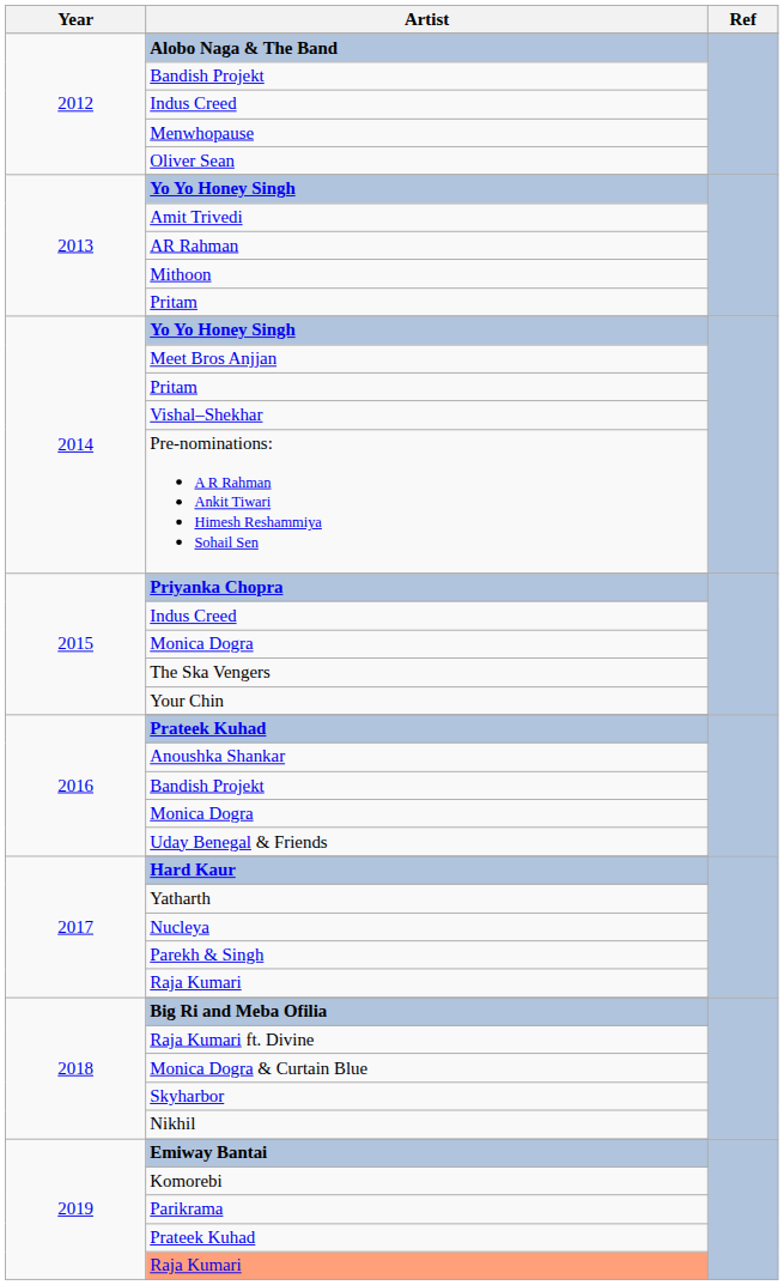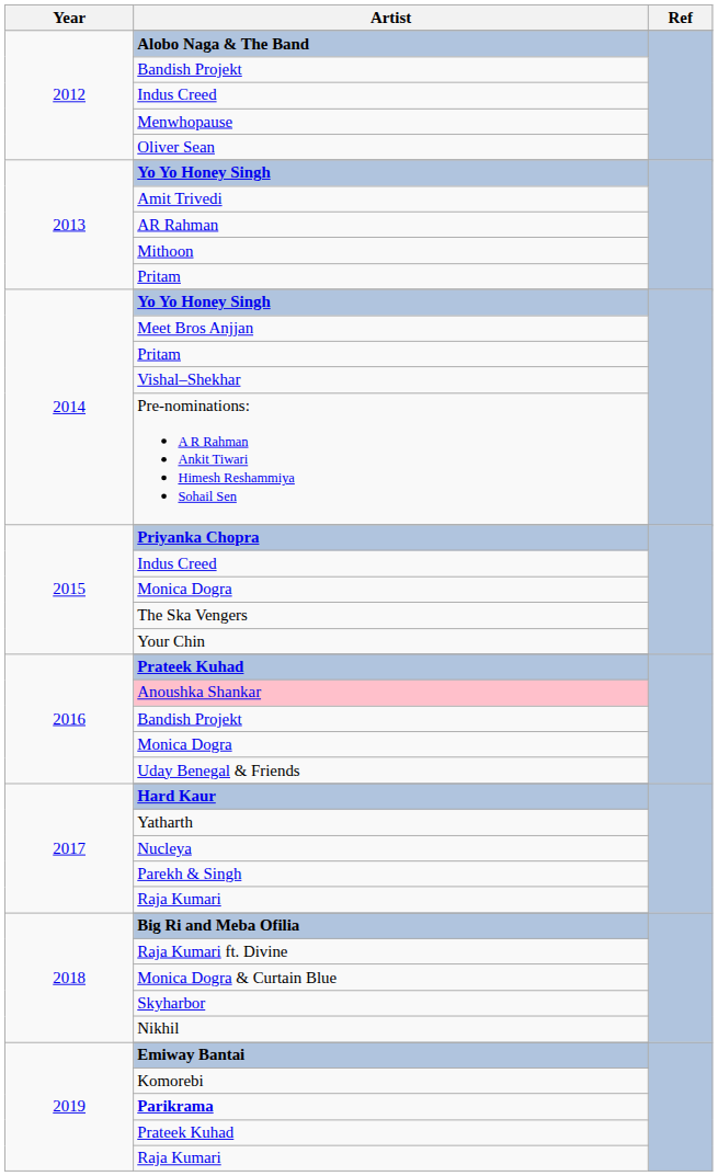 <table class="wikitable" style="width:55%;">
 <tr style="background:#bebebe;">
 <th style="width:10%;">Year</th>
 <th style="width:40%;">Artist</th>
 <th style="width:5%;">Ref</th>
 </tr>
 <tr>
 <td rowspan="6" align="center"><a href='#'>2012</a></td>
 </tr>
 <tr style="background:#B0C4DE">
 <td><strong>Alobo Naga & The Band</strong></td>
 <td rowspan="6" align="center"></td>
 </tr>
 <tr>
 <td><a href='#'>Bandish Projekt</a></td>
 </tr>
 <tr>
 <td><a href='#'>Indus Creed</a></td>
 </tr>
 <tr>
 <td><a href='#'>Menwhopause</a></td>
 </tr>
 <tr>
 <td><a href='#'>Oliver Sean</a></td>
 </tr>
 <tr>
 <td rowspan="6" align="center"><a href='#'>2013</a></td>
 </tr>
 <tr style="background:#B0C4DE">
 <td><strong><a href='#'>Yo Yo Honey Singh</a></strong></td>
 <td rowspan="6" align="center"></td>
 </tr>
 <tr>
 <td><a href='#'>Amit Trivedi</a></td>
 </tr>
 <tr>
 <td><a href='#'>AR Rahman</a></td>
 </tr>
 <tr>
 <td><a href='#'>Mithoon</a></td>
 </tr>
 <tr>
 <td><a href='#'>Pritam</a></td>
 </tr>
 <tr>
 <td rowspan="6" align="center"><a href='#'>2014</a></td>
 </tr>
 <tr style="background:#B0C4DE">
 <td><strong><a href='#'>Yo Yo Honey Singh</a></strong></td>
 <td rowspan="6" align="center"></td>
 </tr>
 <tr>
 <td><a href='#'>Meet Bros Anjjan</a></td>
 </tr>
 <tr>
 <td><a href='#'>Pritam</a></td>
 </tr>
 <tr>
 <td><a href='#'>Vishal–Shekhar</a></td>
 </tr>
 <tr>
 <td>Pre-nominations:<br><ul><li><small><a href='#'>A R Rahman</a></small></li><li><small><a href='#'>Ankit Tiwari</a></small></li><li><small><a href='#'>Himesh Reshammiya</a></small></li><li><small><a href='#'>Sohail Sen</a></small></li></ul></td>
 </tr>
 <tr>
 <td rowspan="6" align="center"><a href='#'>2015</a></td>
 </tr>
 <tr style="background:#B0C4DE">
 <td><strong><a href='#'>Priyanka Chopra</a></strong></td>
 <td rowspan="6" align="center"></td>
 </tr>
 <tr>
 <td><a href='#'>Indus Creed</a></td>
 </tr>
 <tr>
 <td><a href='#'>Monica Dogra</a></td>
 </tr>
 <tr>
 <td>The Ska Vengers</td>
 </tr>
 <tr>
 <td>Your Chin</td>
 </tr>
 <tr>
 <td rowspan="6" align="center"><a href='#'>2016</a></td>
 </tr>
 <tr style="background:#B0C4DE">
 <td><strong><a href='#'>Prateek Kuhad</a></strong></td>
 <td rowspan="6" align="center"></td>
 </tr>
 <tr>
-<td><a href='#'>Anoushka Shankar</a></td>
+<td style="background: pink;"><a href='#'>Anoushka Shankar</a></td>
 </tr>
 <tr>
 <td><a href='#'>Bandish Projekt</a></td>
 </tr>
 <tr>
 <td><a href='#'>Monica Dogra</a></td>
 </tr>
 <tr>
 <td><a href='#'>Uday Benegal</a> & Friends</td>
 </tr>
 <tr>
 <td rowspan="6" align="center"><a href='#'>2017</a></td>
 </tr>
 <tr style="background:#B0C4DE">
 <td><strong><a href='#'>Hard Kaur</a></strong></td>
 <td rowspan="6" align="center"></td>
 </tr>
 <tr>
 <td>Yatharth</td>
 </tr>
 <tr>
 <td><a href='#'>Nucleya</a></td>
 </tr>
 <tr>
 <td><a href='#'>Parekh & Singh</a></td>
 </tr>
 <tr>
 <td><a href='#'>Raja Kumari</a></td>
 </tr>
 <tr>
 <td rowspan="6" align="center"><a href='#'>2018</a></td>
 </tr>
 <tr style="background:#B0C4DE">
 <td><strong>Big Ri and Meba Ofilia</strong></td>
 <td rowspan="6" align="center"></td>
 </tr>
 <tr>
 <td><a href='#'>Raja Kumari</a> ft. Divine</td>
 </tr>
 <tr>
 <td><a href='#'>Monica Dogra</a> & Curtain Blue</td>
 </tr>
 <tr>
 <td><a href='#'>Skyharbor</a></td>
 </tr>
 <tr>
 <td>Nikhil</td>
 </tr>
 <tr>
 <td rowspan="6" align="center"><a href='#'>2019</a></td>
 </tr>
 <tr style="background:#B0C4DE">
 <td><strong>Emiway Bantai</strong></td>
 <td rowspan="6" align="center"></td>
 </tr>
 <tr>
 <td>Komorebi</td>
 </tr>
 <tr>
-<td><a href='#'>Parikrama</a></td>
+<td><strong><a href='#'>Parikrama</a></strong></td>
 </tr>
 <tr>
 <td><a href='#'>Prateek Kuhad</a></td>
 </tr>
 <tr>
-<td style="background: lightsalmon;"><a href='#'>Raja Kumari</a></td>
+<td><a href='#'>Raja Kumari</a></td>
 </tr>
 </table>
